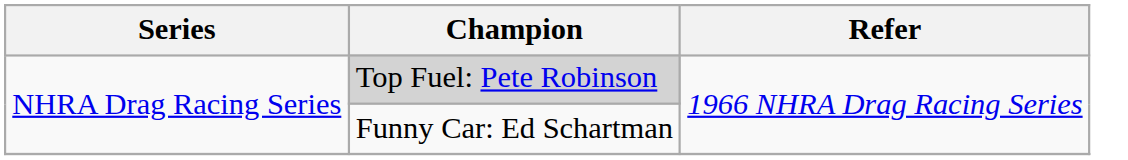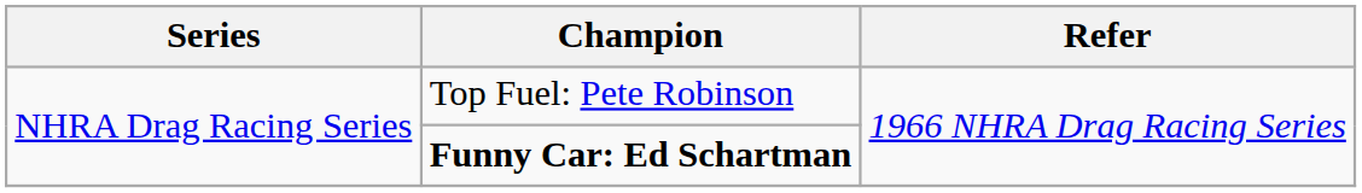 <table class="wikitable" style="font-size:87%;">
 <tr>
 <th>Series</th>
 <th>Champion</th>
 <th>Refer</th>
 </tr>
 <tr>
 <td rowspan=2><a href='#'>NHRA Drag Racing Series</a></td>
-<td style="background: lightgrey;">Top Fuel:  <a href='#'>Pete Robinson</a></td>
+<td>Top Fuel:  <a href='#'>Pete Robinson</a></td>
 <td rowspan=2><em><a href='#'>1966 NHRA Drag Racing Series</a></em></td>
 </tr>
 <tr>
-<td>Funny Car:  Ed Schartman</td>
+<td><strong>Funny Car:  Ed Schartman</strong></td>
 </tr>
 <tr>
 </tr>
 </table>
